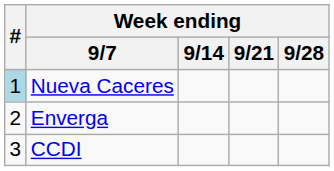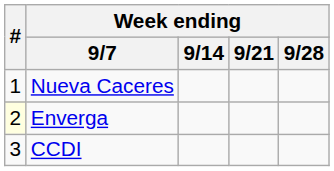 <table class=wikitable style="font-size:92%;">
 <tr>
 <th rowspan=2>#</th>
 <th colspan=9>Week ending</th>
 </tr>
 <tr>
 <th>9/7</th>
 <th>9/14</th>
 <th>9/21</th>
 <th>9/28</th>
 </tr>
 <tr>
-<td style="background: lightblue;">1</td>
+<td>1</td>
 <td><a href='#'>Nueva Caceres</a></td>
 <td></td>
 <td></td>
 <td></td>
 </tr>
 <tr>
-<td>2</td>
+<td style="background: lightyellow;">2</td>
 <td><a href='#'>Enverga</a></td>
 <td></td>
 <td></td>
 <td></td>
 </tr>
 <tr>
 <td>3</td>
 <td><a href='#'>CCDI</a></td>
 <td></td>
 <td></td>
 <td></td>
 </tr>
 </table>
